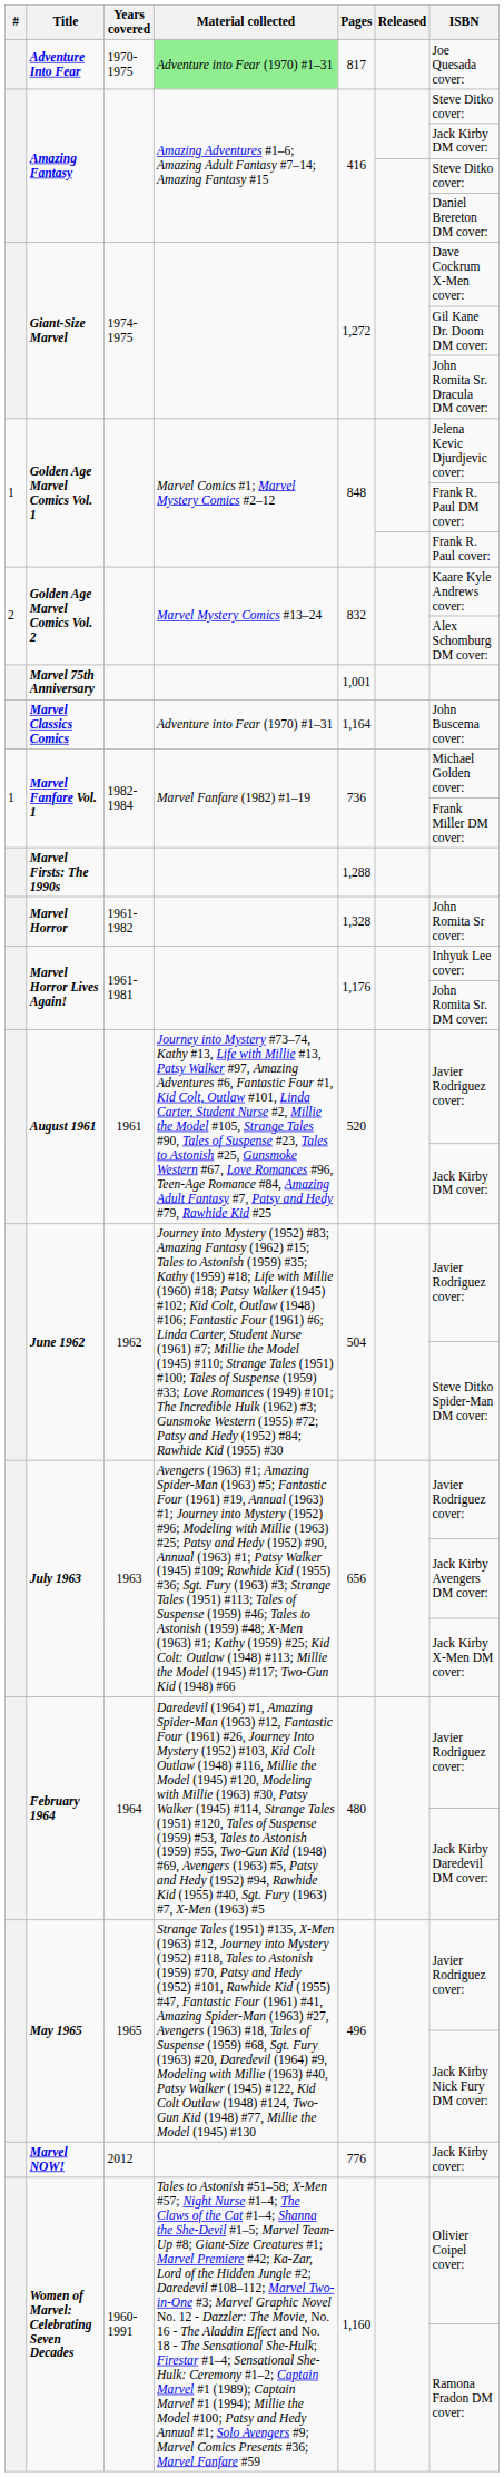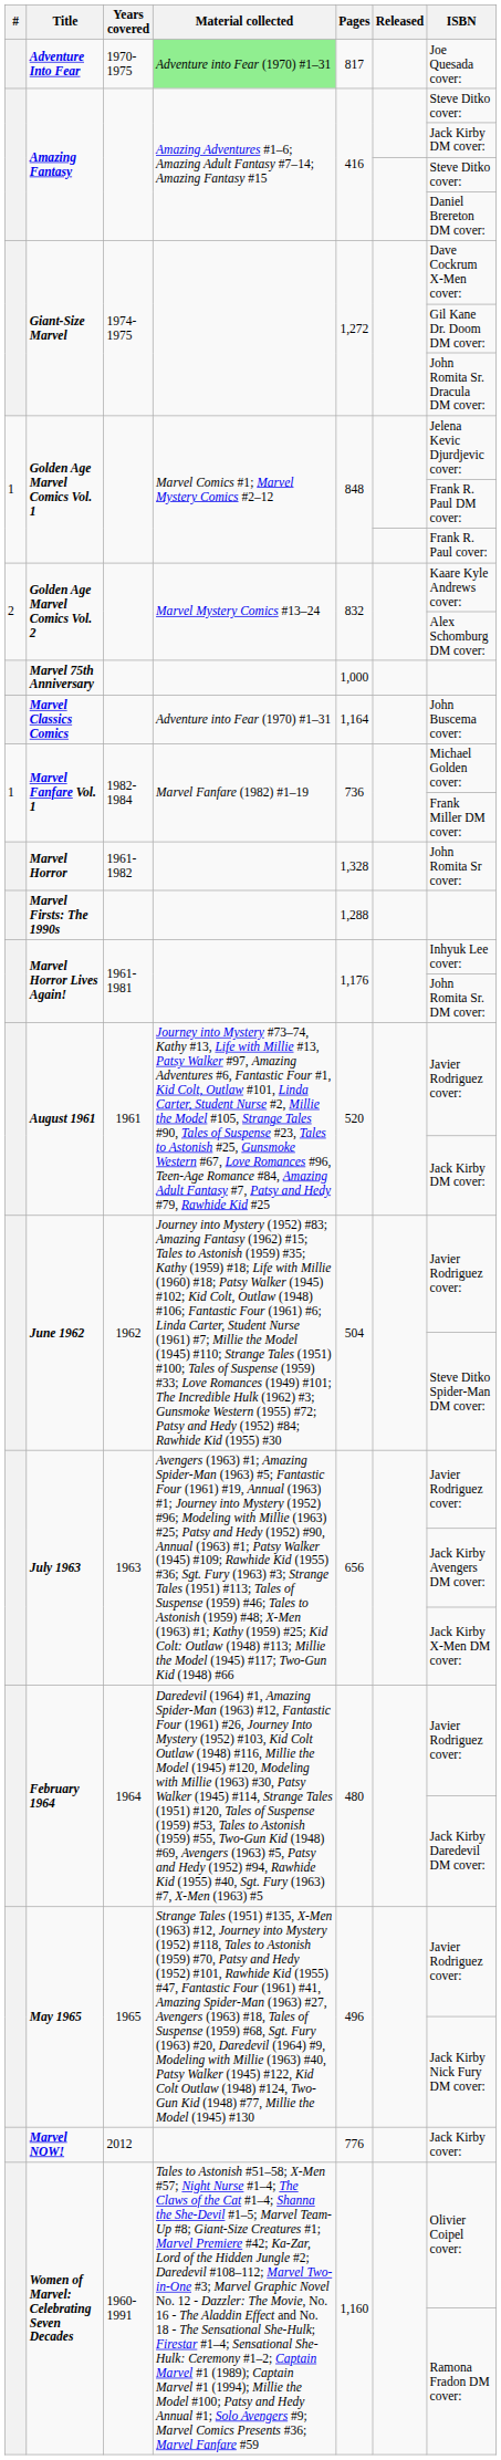 <table class="wikitable sortable" width=99%>
 <tr>
 <th class="unsortable" width=20px>#</th>
 <th>Title</th>
 <th>Years covered</th>
 <th class="unsortable">Material collected</th>
 <th>Pages</th>
 <th>Released</th>
 <th class="unsortable">ISBN</th>
 </tr>
 <tr>
 <th style="background-color: light grey;"></th>
 <td><strong><em><a href='#'>Adventure Into Fear</a></em></strong></td>
 <td>1970-1975</td>
 <td style="background: lightgreen;"><em>Adventure into Fear</em> (1970) #1–31</td>
 <td style="text-align: center;">817</td>
 <td></td>
 <td>Joe Quesada cover: </td>
 </tr>
 <tr>
 <th style="background-color: light grey;" rowspan=4></th>
 <td rowspan=4><strong><em><a href='#'>Amazing Fantasy</a></em></strong></td>
 <td rowspan=4></td>
 <td rowspan=4><em><a href='#'>Amazing Adventures</a></em> #1–6; <em>Amazing Adult Fantasy</em> #7–14; <em>Amazing Fantasy</em> #15</td>
 <td style="text-align: center;" rowspan=4>416</td>
 <td rowspan=2></td>
 <td>Steve Ditko cover: </td>
 </tr>
 <tr>
 <td>Jack Kirby DM cover: </td>
 </tr>
 <tr>
 <td rowspan=2></td>
 <td>Steve Ditko cover: </td>
 </tr>
 <tr>
 <td>Daniel Brereton DM cover: </td>
 </tr>
 <tr>
 <th rowspan=3 style="background-color: light grey;"></th>
 <td rowspan=3><strong><em>Giant-Size Marvel</em></strong></td>
 <td rowspan=3>1974-1975</td>
 <td rowspan=3></td>
 <td rowspan=3 style="text-align: center;">1,272</td>
 <td rowspan=3></td>
 <td>Dave Cockrum X-Men cover: </td>
 </tr>
 <tr>
 <td>Gil Kane Dr. Doom DM cover: </td>
 </tr>
 <tr>
 <td>John Romita Sr. Dracula DM cover: </td>
 </tr>
 <tr>
 <td rowspan=3>1</td>
 <td rowspan=3><strong><em>Golden Age Marvel Comics Vol. 1</em></strong></td>
 <td rowspan=3></td>
 <td rowspan=3><em>Marvel Comics</em> #1; <em><a href='#'>Marvel Mystery Comics</a></em> #2–12</td>
 <td rowspan=3 style="text-align: center;">848</td>
 <td rowspan=2></td>
 <td>Jelena Kevic Djurdjevic cover: </td>
 </tr>
 <tr>
 <td>Frank R. Paul DM cover: </td>
 </tr>
 <tr>
 <td></td>
 <td>Frank R. Paul cover: </td>
 </tr>
 <tr>
 <td rowspan=2>2</td>
 <td rowspan=2><strong><em>Golden Age Marvel Comics Vol. 2</em></strong></td>
 <td rowspan=2></td>
 <td rowspan=2><em><a href='#'>Marvel Mystery Comics</a></em> #13–24</td>
 <td rowspan=2 style="text-align: center;">832</td>
 <td rowspan=2></td>
 <td>Kaare Kyle Andrews cover: </td>
 </tr>
 <tr>
 <td>Alex Schomburg DM cover: </td>
 </tr>
 <tr>
 <th style="background-color: light grey;"></th>
 <td><strong><em>Marvel 75th Anniversary</em></strong></td>
 <td></td>
 <td></td>
-<td style="text-align: center;">1,001</td>
+<td style="text-align: center;">1,000</td>
 <td></td>
 <td></td>
 </tr>
 <tr>
 <th style="background-color: light grey;"></th>
 <td><strong><em><a href='#'>Marvel Classics Comics</a></em></strong></td>
 <td></td>
 <td><em>Adventure into Fear</em> (1970) #1–31</td>
 <td style="text-align: center;">1,164</td>
 <td></td>
 <td>John Buscema cover: </td>
 </tr>
 <tr>
 <td rowspan=2>1</td>
 <td rowspan=2><strong><em><a href='#'>Marvel Fanfare</a> Vol. 1</em></strong></td>
 <td rowspan=2>1982-1984</td>
 <td rowspan=2><em>Marvel Fanfare</em> (1982) #1–19</td>
 <td rowspan=2 style="text-align: center;">736</td>
 <td rowspan="2"></td>
 <td>Michael Golden cover: </td>
 </tr>
 <tr>
 <td>Frank Miller DM cover: </td>
 </tr>
 <tr>
 <th style="background-color: light grey;"></th>
+<td><strong><em>Marvel Horror</em></strong></td>
+<td>1961-1982</td>
+<td></td>
+<td style="text-align: center;">1,328</td>
+<td></td>
+<td>John Romita Sr cover: </td>
+</tr>
+<tr>
+<th style="background-color: light grey;"></th>
 <td><strong><em>Marvel Firsts: The 1990s</em></strong></td>
 <td></td>
 <td></td>
 <td style="text-align: center;">1,288</td>
 <td></td>
 <td></td>
-</tr>
-<tr>
-<th style="background-color: light grey;"></th>
-<td><strong><em>Marvel Horror</em></strong></td>
-<td>1961-1982</td>
-<td></td>
-<td style="text-align: center;">1,328</td>
-<td></td>
-<td>John Romita Sr cover: </td>
 </tr>
 <tr>
 <th style="background-color: light grey;" rowspan=2></th>
 <td rowspan=2><strong><em>Marvel Horror Lives Again!</em></strong></td>
 <td rowspan=2>1961-1981</td>
 <td rowspan=2></td>
 <td style="text-align: center;" rowspan=2>1,176</td>
 <td rowspan=2></td>
 <td>Inhyuk Lee cover: </td>
 </tr>
 <tr>
 <td>John Romita Sr. DM cover: </td>
 </tr>
 <tr>
 <th style="background-color: light grey;" rowspan=2></th>
 <td rowspan=2><strong><em>August 1961</em></strong></td>
 <td style="text-align: center;" rowspan=2>1961</td>
 <td rowspan=2><em><a href='#'>Journey into Mystery</a></em> #73–74, <em>Kathy</em> #13, <em><a href='#'>Life with Millie</a></em> #13, <em><a href='#'>Patsy Walker</a></em> #97, <em>Amazing Adventures</em> #6, <em>Fantastic Four</em> #1, <em><a href='#'>Kid Colt, Outlaw</a></em> #101, <em><a href='#'>Linda Carter, Student Nurse</a></em> #2, <em><a href='#'>Millie the Model</a></em> #105, <em><a href='#'>Strange Tales</a></em> #90, <em><a href='#'>Tales of Suspense</a></em> #23, <em><a href='#'>Tales to Astonish</a></em> #25, <em><a href='#'>Gunsmoke Western</a></em> #67, <em><a href='#'>Love Romances</a></em> #96, <em>Teen-Age Romance</em> #84, <em><a href='#'>Amazing Adult Fantasy</a></em> #7, <em><a href='#'>Patsy and Hedy</a></em> #79, <em><a href='#'>Rawhide Kid</a></em> #25</td>
 <td style="text-align: center;" rowspan=2>520</td>
 <td rowspan=2></td>
 <td>Javier Rodriguez cover: </td>
 </tr>
 <tr>
 <td>Jack Kirby DM cover: </td>
 </tr>
 <tr>
 <th style="background-color: light grey;" rowspan=2></th>
 <td rowspan=2><strong><em>June 1962</em></strong></td>
 <td style="text-align: center;" rowspan=2>1962</td>
 <td rowspan=2><em>Journey into Mystery</em> (1952) #83; <em>Amazing Fantasy</em> (1962) #15; <em>Tales to Astonish</em> (1959) #35; <em>Kathy</em> (1959) #18; <em>Life with Millie</em> (1960) #18; <em>Patsy Walker</em> (1945) #102; <em>Kid Colt, Outlaw</em> (1948) #106; <em>Fantastic Four</em> (1961) #6; <em>Linda Carter, Student Nurse</em> (1961) #7; <em>Millie the Model</em> (1945) #110; <em>Strange Tales</em> (1951) #100; <em>Tales of Suspense</em> (1959) #33; <em>Love Romances</em> (1949) #101; <em>The Incredible Hulk</em> (1962) #3; <em>Gunsmoke Western</em> (1955) #72; <em>Patsy and Hedy</em> (1952) #84; <em>Rawhide Kid</em> (1955) #30</td>
 <td style="text-align: center;" rowspan=2>504</td>
 <td rowspan=2></td>
 <td>Javier Rodriguez cover: </td>
 </tr>
 <tr>
 <td>Steve Ditko Spider-Man DM cover: </td>
 </tr>
 <tr>
 <th style="background-color: light grey;" rowspan=3></th>
 <td rowspan=3><strong><em>July 1963</em></strong></td>
 <td style="text-align: center;" rowspan=3>1963</td>
 <td rowspan=3><em>Avengers</em> (1963) #1; <em>Amazing Spider-Man</em> (1963) #5; <em>Fantastic Four</em> (1961) #19, <em>Annual</em> (1963) #1; <em>Journey into Mystery</em> (1952) #96; <em>Modeling with Millie</em> (1963) #25; <em>Patsy and Hedy</em> (1952) #90, <em>Annual</em> (1963) #1; <em>Patsy Walker</em> (1945) #109; <em>Rawhide Kid</em> (1955) #36; <em>Sgt. Fury</em> (1963) #3; <em>Strange Tales</em> (1951) #113; <em>Tales of Suspense</em> (1959) #46; <em>Tales to Astonish</em> (1959) #48; <em>X-Men</em> (1963) #1; <em>Kathy</em> (1959) #25; <em>Kid Colt: Outlaw</em> (1948) #113; <em>Millie the Model</em> (1945) #117; <em>Two-Gun Kid</em> (1948) #66</td>
 <td style="text-align: center;" rowspan=3>656</td>
 <td rowspan=3></td>
 <td>Javier Rodriguez cover: </td>
 </tr>
 <tr>
 <td>Jack Kirby Avengers DM cover: </td>
 </tr>
 <tr>
 <td>Jack Kirby X-Men DM cover: </td>
 </tr>
 <tr>
 <th style="background-color: light grey;" rowspan=2></th>
 <td rowspan=2><strong><em>February 1964</em></strong></td>
 <td style="text-align: center;" rowspan=2>1964</td>
 <td rowspan=2><em>Daredevil</em> (1964) #1, <em>Amazing Spider-Man</em> (1963) #12, <em>Fantastic Four</em> (1961) #26, <em>Journey Into Mystery</em> (1952) #103, <em>Kid Colt Outlaw</em> (1948) #116, <em>Millie the Model</em> (1945) #120, <em>Modeling with Millie</em> (1963) #30, <em>Patsy Walker</em> (1945) #114, <em>Strange Tales</em> (1951) #120, <em>Tales of Suspense</em> (1959) #53, <em>Tales to Astonish</em> (1959) #55, <em>Two-Gun Kid</em> (1948) #69, <em>Avengers</em> (1963) #5, <em>Patsy and Hedy</em> (1952) #94, <em>Rawhide Kid</em> (1955) #40, <em>Sgt. Fury</em> (1963) #7, <em>X-Men</em> (1963) #5</td>
 <td style="text-align: center;" rowspan=2>480</td>
 <td rowspan=2></td>
 <td>Javier Rodriguez cover: </td>
 </tr>
 <tr>
 <td>Jack Kirby Daredevil DM cover: </td>
 </tr>
 <tr>
 <th style="background-color: light grey;" rowspan=2></th>
 <td rowspan=2><strong><em>May 1965</em></strong></td>
 <td style="text-align: center;" rowspan=2>1965</td>
 <td rowspan=2><em>Strange Tales</em> (1951) #135, <em>X-Men</em> (1963) #12, <em>Journey into Mystery</em> (1952) #118, <em>Tales to Astonish</em> (1959) #70, <em>Patsy and Hedy</em> (1952) #101, <em>Rawhide Kid</em> (1955) #47, <em>Fantastic Four</em> (1961) #41, <em>Amazing Spider-Man</em> (1963) #27, <em>Avengers</em> (1963) #18, <em>Tales of Suspense</em> (1959) #68, <em>Sgt. Fury</em> (1963) #20, <em>Daredevil</em> (1964) #9, <em>Modeling with Millie</em> (1963) #40, <em>Patsy Walker</em> (1945) #122, <em>Kid Colt Outlaw</em> (1948) #124, <em>Two-Gun Kid</em> (1948) #77, <em>Millie the Model</em> (1945) #130</td>
 <td style="text-align: center;" rowspan=2>496</td>
 <td rowspan=2></td>
 <td>Javier Rodriguez cover: </td>
 </tr>
 <tr>
 <td>Jack Kirby Nick Fury DM cover: </td>
 </tr>
 <tr>
 <th style="background-color: light grey;"></th>
 <td><strong><em><a href='#'>Marvel NOW!</a></em></strong></td>
 <td>2012</td>
 <td></td>
 <td style="text-align: center;">776</td>
 <td></td>
 <td>Jack Kirby cover: </td>
 </tr>
 <tr>
 <th style="background-color: light grey;" rowspan=2></th>
 <td rowspan=2><strong><em>Women of Marvel: Celebrating Seven Decades</em></strong></td>
 <td rowspan=2>1960-1991</td>
 <td rowspan=2><em>Tales to Astonish</em> #51–58; <em>X-Men</em> #57; <em><a href='#'>Night Nurse</a></em> #1–4; <em><a href='#'>The Claws of the Cat</a></em> #1–4; <em><a href='#'>Shanna the She-Devil</a></em> #1–5; <em>Marvel Team-Up</em> #8; <em>Giant-Size Creatures</em> #1; <em><a href='#'>Marvel Premiere</a></em> #42; <em>Ka-Zar, Lord of the Hidden Jungle</em> #2; <em>Daredevil</em> #108–112; <em><a href='#'>Marvel Two-in-One</a></em> #3; <em>Marvel Graphic Novel</em> No. 12 - <em>Dazzler: The Movie</em>, No. 16 - <em>The Aladdin Effect</em> and No. 18 - <em>The Sensational She-Hulk</em>; <em><a href='#'>Firestar</a></em> #1–4; <em>Sensational She-Hulk: Ceremony</em> #1–2; <em><a href='#'>Captain Marvel</a></em> #1 (1989); <em>Captain Marvel</em> #1 (1994); <em>Millie the Model</em> #100; <em>Patsy and Hedy Annual</em> #1; <em><a href='#'>Solo Avengers</a></em> #9; <em>Marvel Comics Presents</em> #36; <em><a href='#'>Marvel Fanfare</a></em> #59</td>
 <td style="text-align: center;" rowspan=2>1,160</td>
 <td rowspan=2></td>
 <td>Olivier Coipel cover: </td>
 </tr>
 <tr>
 <td>Ramona Fradon DM cover: </td>
 </tr>
 </table>
